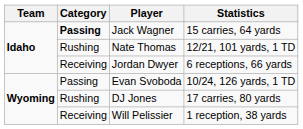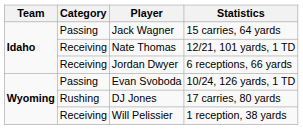 <table class="wikitable" style="float: right;">
 <tr>
 <th>Team</th>
 <th>Category</th>
 <th>Player</th>
 <th>Statistics</th>
 </tr>
 <tr>
 <td rowspan=3><strong>Idaho</strong></td>
-<td><strong>Passing</strong></td>
+<td>Passing</td>
 <td>Jack Wagner</td>
 <td>15 carries, 64 yards</td>
 </tr>
 <tr>
-<td>Rushing</td>
+<td>Receiving</td>
 <td>Nate Thomas</td>
 <td>12/21, 101 yards, 1 TD</td>
 </tr>
 <tr>
 <td>Receiving</td>
 <td>Jordan Dwyer</td>
 <td>6 receptions, 66 yards</td>
 </tr>
 <tr>
 <td rowspan=3><strong>Wyoming</strong></td>
 <td>Passing</td>
 <td>Evan Svoboda</td>
 <td>10/24, 126 yards, 1 TD</td>
 </tr>
 <tr>
 <td>Rushing</td>
 <td>DJ Jones</td>
 <td>17 carries, 80 yards</td>
 </tr>
 <tr>
 <td>Receiving</td>
 <td>Will Pelissier</td>
 <td>1 reception, 38 yards</td>
 </tr>
 </table>
